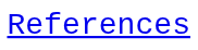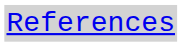 <table id="toc" class="toc" summary="Contents">
 <tr>
 <th></th>
 </tr>
 <tr>
-<td><a href='#'>References</a></div></td>
+<td style="background: lightgrey;"><a href='#'>References</a></div></td>
 </tr>
 </table>
